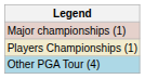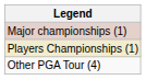 <table class="wikitable" style="font-size:95%;">
 <tr>
 <th>Legend</th>
 </tr>
 <tr style="background:#e5d1cb;">
 <td>Major championships (1)</td>
 </tr>
 <tr style="background:#f2ecce;">
 <td>Players Championships (1)</td>
 </tr>
 <tr>
-<td style="background: lightblue;">Other PGA Tour (4)</td>
+<td>Other PGA Tour (4)</td>
 </tr>
 </table>
